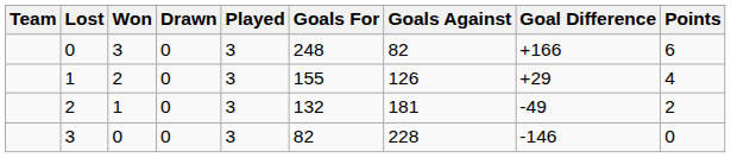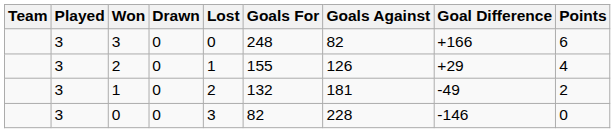 <table class="wikitable">
 <tr>
 <th>Team</th>
-<th>Lost</th>
+<th>Played</th>
 <th>Won</th>
 <th>Drawn</th>
-<th>Played</th>
+<th>Lost</th>
 <th>Goals For</th>
 <th>Goals Against</th>
 <th>Goal Difference</th>
 <th>Points</th>
 </tr>
 <tr>
 <td></td>
-<td>0</td>
+<td>3</td>
 <td>3</td>
 <td>0</td>
-<td>3</td>
+<td>0</td>
 <td>248</td>
 <td>82</td>
 <td>+166</td>
 <td>6</td>
 </tr>
 <tr>
 <td></td>
-<td>1</td>
+<td>3</td>
 <td>2</td>
 <td>0</td>
-<td>3</td>
+<td>1</td>
 <td>155</td>
 <td>126</td>
 <td>+29</td>
 <td>4</td>
 </tr>
 <tr>
 <td></td>
-<td>2</td>
+<td>3</td>
 <td>1</td>
 <td>0</td>
-<td>3</td>
+<td>2</td>
 <td>132</td>
 <td>181</td>
 <td>-49</td>
 <td>2</td>
 </tr>
 <tr>
 <td></td>
 <td>3</td>
 <td>0</td>
 <td>0</td>
 <td>3</td>
 <td>82</td>
 <td>228</td>
 <td>-146</td>
 <td>0</td>
 </tr>
 </table>
